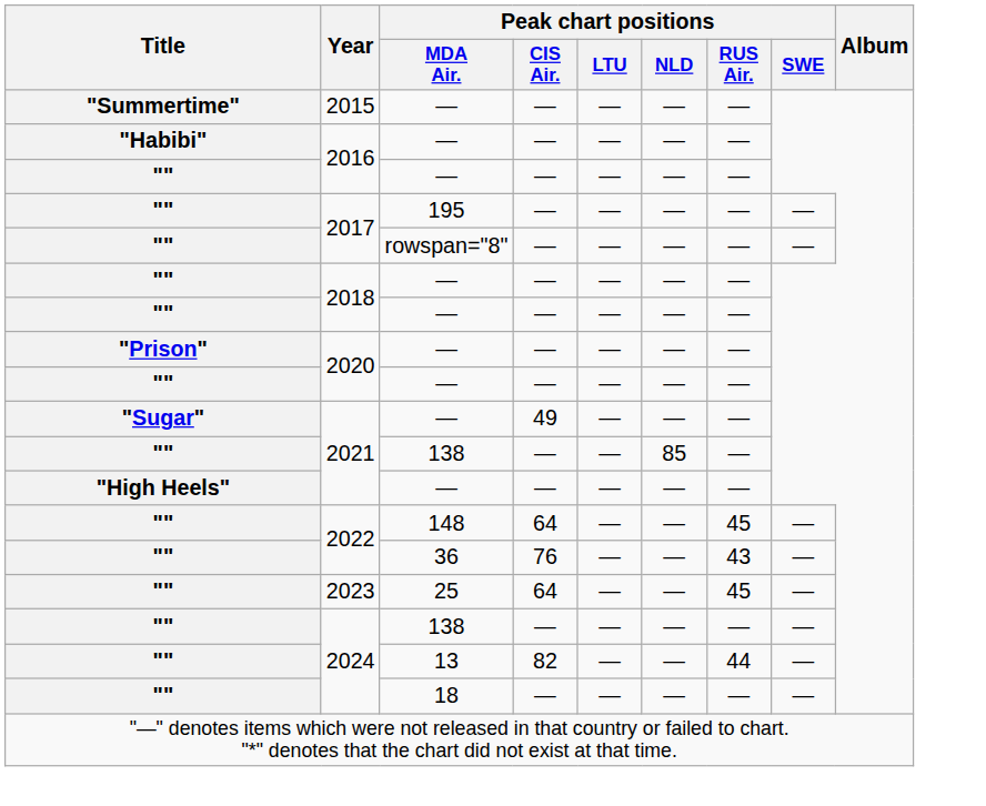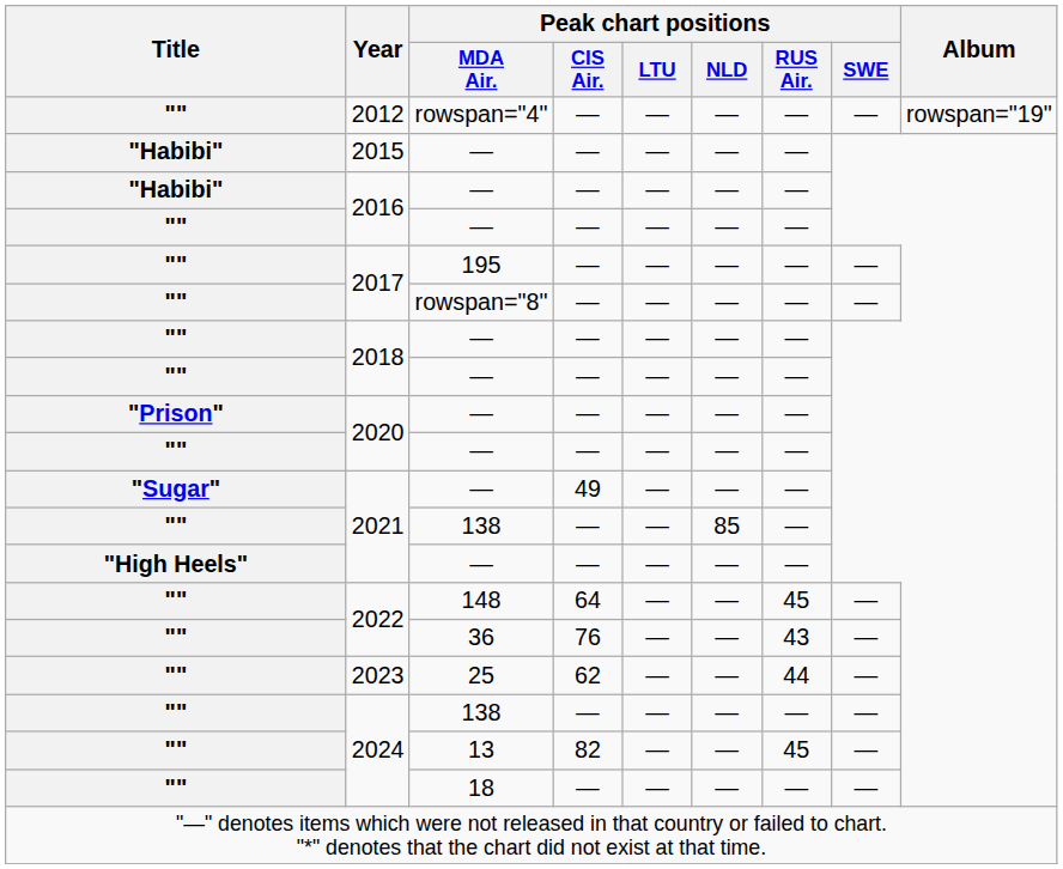 <table class="wikitable plainrowheaders" style="text-align:center;">
 <tr>
 <th scope="col" rowspan="2" style="width:14em;">Title</th>
 <th scope="col" rowspan="2" style="width:1em;">Year</th>
 <th colspan="6" scope="col">Peak chart positions</th>
 <th scope="col" rowspan="2">Album</th>
 </tr>
 <tr>
 <th scope="col" style="width:3em;font-size:85%;"><a href='#'>MDA<br>Air.</a><br></th>
 <th scope="col" style="width:3em;font-size:85%;"><a href='#'>CIS<br>Air.</a><br></th>
 <th scope="col" style="width:3em;font-size:85%;"><a href='#'>LTU</a><br></th>
 <th scope="col" style="width:3em;font-size:85%;"><a href='#'>NLD</a><br></th>
 <th scope="col" style="width:3em;font-size:85%;"><a href='#'>RUS<br>Air.</a><br></th>
 <th scope="col" style="width:3em;font-size:85%;"><a href='#'>SWE</a><br></th>
 </tr>
 <tr>
-<th scope="row">"Summertime"</th>
+<th scope="row">""</th>
+<td>2012</td>
+<td>rowspan="4" </td>
+<td>—</td>
+<td>—</td>
+<td>—</td>
+<td>—</td>
+<td>—</td>
+<td>rowspan="19" </td>
+</tr>
+<tr>
+<th scope="row">"Habibi"<br></th>
 <td>2015</td>
 <td>—</td>
 <td>—</td>
 <td>—</td>
 <td>—</td>
 <td>—</td>
 </tr>
 <tr>
 <th scope="row">"Habibi"<br></th>
 <td rowspan="2">2016</td>
 <td>—</td>
 <td>—</td>
 <td>—</td>
 <td>—</td>
 <td>—</td>
 </tr>
 <tr>
 <th scope="row">""<br></th>
 <td>—</td>
 <td>—</td>
 <td>—</td>
 <td>—</td>
 <td>—</td>
 </tr>
 <tr>
 <th scope="row">""</th>
 <td rowspan="2">2017</td>
 <td>195</td>
 <td>—</td>
 <td>—</td>
 <td>—</td>
 <td>—</td>
 <td>—</td>
 </tr>
 <tr>
 <th scope="row">""</th>
 <td>rowspan="8" </td>
 <td>—</td>
 <td>—</td>
 <td>—</td>
 <td>—</td>
 <td>—</td>
 </tr>
 <tr>
 <th scope="row">""</th>
 <td rowspan="2">2018</td>
 <td>—</td>
 <td>—</td>
 <td>—</td>
 <td>—</td>
 <td>—</td>
 </tr>
 <tr>
 <th scope="row">""</th>
 <td>—</td>
 <td>—</td>
 <td>—</td>
 <td>—</td>
 <td>—</td>
 </tr>
 <tr>
 <th scope="row">"<a href='#'>Prison</a>"</th>
 <td rowspan="2">2020</td>
 <td>—</td>
 <td>—</td>
 <td>—</td>
 <td>—</td>
 <td>—</td>
 </tr>
 <tr>
 <th scope="row">""</th>
 <td>—</td>
 <td>—</td>
 <td>—</td>
 <td>—</td>
 <td>—</td>
 </tr>
 <tr>
 <th scope="row">"<a href='#'>Sugar</a>"</th>
 <td rowspan="3">2021</td>
 <td>—</td>
 <td>49</td>
 <td>—</td>
 <td>—</td>
 <td>—</td>
 </tr>
 <tr>
 <th scope="row">""</th>
 <td>138</td>
 <td>—</td>
 <td>—</td>
 <td>85</td>
 <td>—</td>
 </tr>
 <tr>
 <th scope="row">"High Heels"</th>
 <td>—</td>
 <td>—</td>
 <td>—</td>
 <td>—</td>
 <td>—</td>
 </tr>
 <tr>
 <th scope="row">""</th>
 <td rowspan="2">2022</td>
 <td>148</td>
 <td>64</td>
 <td>—</td>
 <td>—</td>
 <td>45</td>
 <td>—</td>
 </tr>
 <tr>
 <th scope="row">""</th>
 <td>36</td>
 <td>76</td>
 <td>—</td>
 <td>—</td>
 <td>43</td>
 <td>—</td>
 </tr>
 <tr>
 <th scope="row">""</th>
 <td>2023</td>
 <td>25</td>
-<td>64</td>
+<td>62</td>
 <td>—</td>
 <td>—</td>
-<td>45</td>
+<td>44</td>
 <td>—</td>
 </tr>
 <tr>
 <th scope="row">""<br></th>
 <td rowspan="3">2024</td>
 <td>138</td>
 <td>—</td>
 <td>—</td>
 <td>—</td>
 <td>—</td>
 <td>—</td>
 </tr>
 <tr>
 <th scope="row">""</th>
 <td>13</td>
 <td>82</td>
 <td>—</td>
 <td>—</td>
-<td>44</td>
+<td>45</td>
 <td>—</td>
 </tr>
 <tr>
 <th scope="row">""<br></th>
 <td>18</td>
 <td>—</td>
 <td>—</td>
 <td>—</td>
 <td>—</td>
 <td>—</td>
 </tr>
 <tr>
 <td colspan="9" style="font-size:90%;">"—" denotes items which were not released in that country or failed to chart.<br>"*" denotes that the chart did not exist at that time.</td>
 </tr>
 </table>
